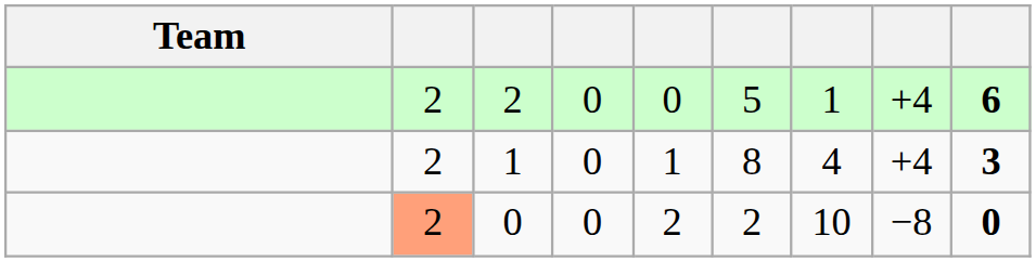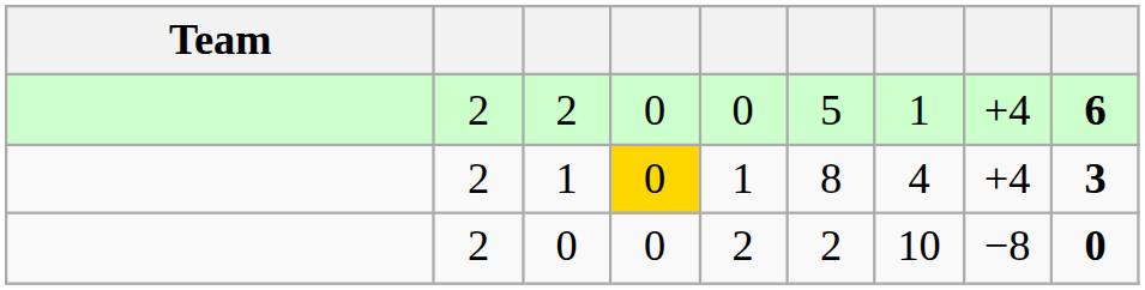 <table class="wikitable" style="text-align:center;">
 <tr>
 <th width=150>Team</th>
 <th width=25></th>
 <th width=25></th>
 <th width=25></th>
 <th width=25></th>
 <th width=25></th>
 <th width=25></th>
 <th width=25></th>
 <th width=25></th>
 </tr>
 <tr style="background:#cfc;">
 <td align="left"></td>
 <td>2</td>
 <td>2</td>
 <td>0</td>
 <td>0</td>
 <td>5</td>
 <td>1</td>
 <td>+4</td>
 <td><strong>6</strong></td>
 </tr>
 <tr>
 <td align="left"></td>
 <td>2</td>
 <td>1</td>
-<td>0</td>
+<td style="background: gold;">0</td>
 <td>1</td>
 <td>8</td>
 <td>4</td>
 <td>+4</td>
 <td><strong>3</strong></td>
 </tr>
 <tr>
 <td align="left"></td>
-<td style="background: lightsalmon;">2</td>
+<td>2</td>
 <td>0</td>
 <td>0</td>
 <td>2</td>
 <td>2</td>
 <td>10</td>
 <td>−8</td>
 <td><strong>0</strong></td>
 </tr>
 </table>
